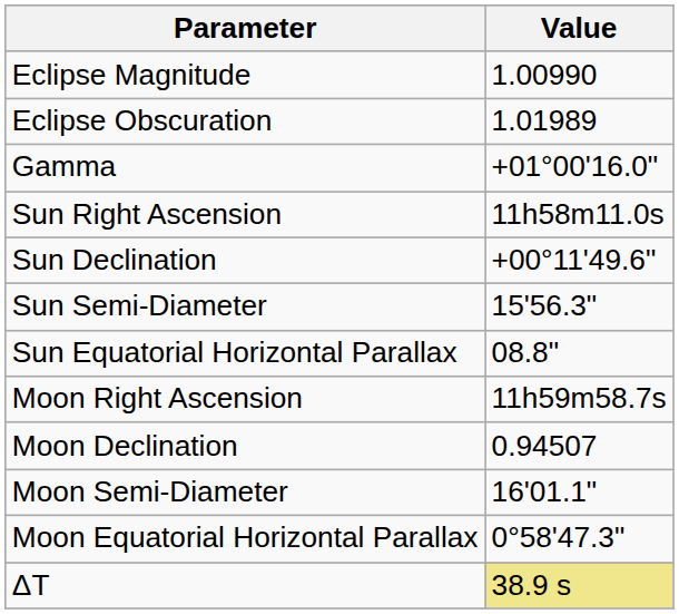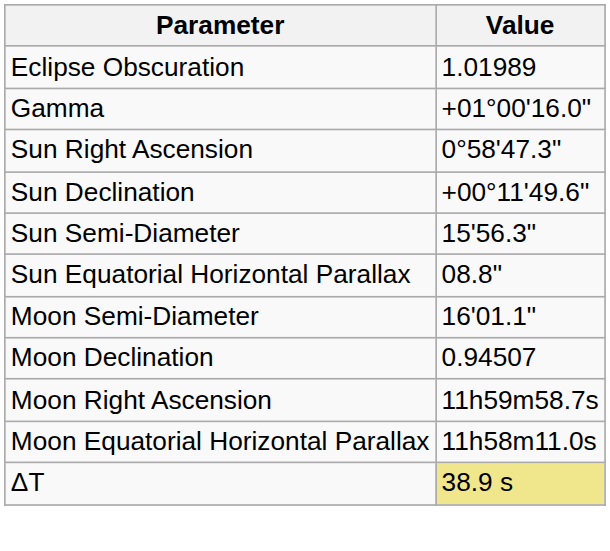 <table class="wikitable">
 <tr>
 <th>Parameter</th>
 <th>Value</th>
-</tr>
-<tr>
-<td>Eclipse Magnitude</td>
-<td>1.00990</td>
 </tr>
 <tr>
 <td>Eclipse Obscuration</td>
 <td>1.01989</td>
 </tr>
 <tr>
 <td>Gamma</td>
 <td>+01°00'16.0"</td>
 </tr>
 <tr>
 <td>Sun Right Ascension</td>
-<td>11h58m11.0s</td>
+<td>0°58'47.3"</td>
 </tr>
 <tr>
 <td>Sun Declination</td>
 <td>+00°11'49.6"</td>
 </tr>
 <tr>
 <td>Sun Semi-Diameter</td>
 <td>15'56.3"</td>
 </tr>
 <tr>
 <td>Sun Equatorial Horizontal Parallax</td>
 <td>08.8"</td>
 </tr>
 <tr>
-<td>Moon Right Ascension</td>
-<td>11h59m58.7s</td>
+<td>Moon Semi-Diameter</td>
+<td>16'01.1"</td>
 </tr>
 <tr>
 <td>Moon Declination</td>
 <td>0.94507</td>
 </tr>
 <tr>
-<td>Moon Semi-Diameter</td>
-<td>16'01.1"</td>
+<td>Moon Right Ascension</td>
+<td>11h59m58.7s</td>
 </tr>
 <tr>
 <td>Moon Equatorial Horizontal Parallax</td>
-<td>0°58'47.3"</td>
+<td>11h58m11.0s</td>
 </tr>
 <tr>
 <td>ΔT</td>
 <td style="background: khaki;">38.9 s</td>
 </tr>
 </table>
